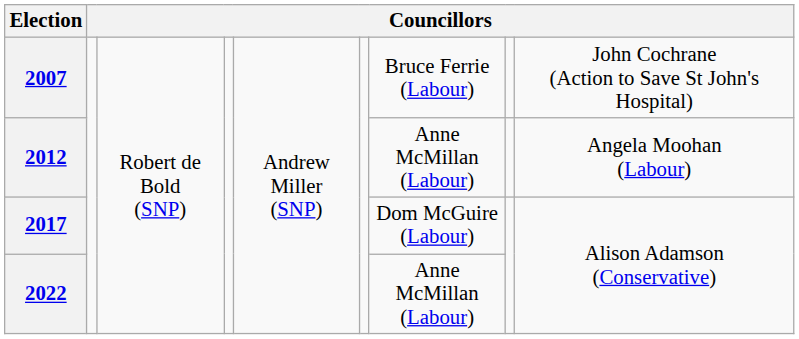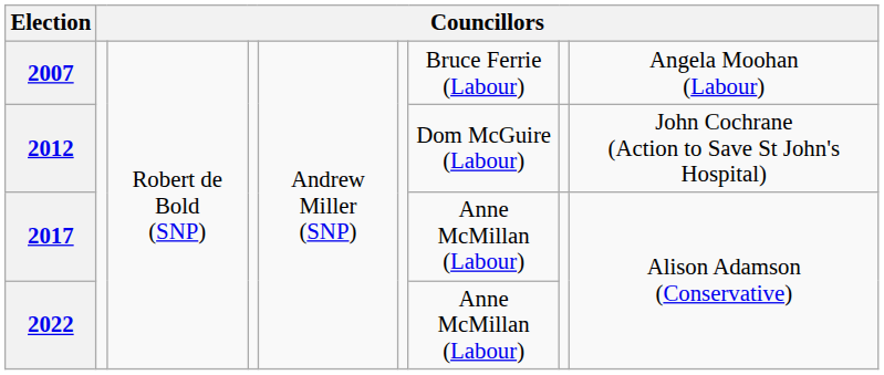 <table class="wikitable" style="text-align:center">
 <tr>
 <th>Election</th>
 <th colspan=8>Councillors</th>
 </tr>
 <tr>
 <th><a href='#'>2007</a></th>
 <td rowspan=4; style="background-color: "></td>
 <td rowspan=4>Robert de Bold<br>(<a href='#'>SNP</a>)</td>
 <td rowspan=4; style="background-color: "></td>
 <td rowspan=4>Andrew Miller<br>(<a href='#'>SNP</a>)</td>
 <td rowspan=4; style="background-color: "></td>
 <td rowspan=1>Bruce Ferrie<br>(<a href='#'>Labour</a>)</td>
 <td rowspan=1; style="background-color: "></td>
+<td rowspan=1>Angela Moohan<br>(<a href='#'>Labour</a>)</td>
+</tr>
+<tr>
+<th><a href='#'>2012</a></th>
+<td rowspan=1>Dom McGuire<br>(<a href='#'>Labour</a>)</td>
+<td rowspan=1; style="background-color: "></td>
 <td rowspan=1>John Cochrane<br>(Action to Save St John's Hospital)</td>
 </tr>
 <tr>
-<th><a href='#'>2012</a></th>
+<th><a href='#'>2017</a></th>
 <td rowspan=1>Anne McMillan<br>(<a href='#'>Labour</a>)</td>
-<td rowspan=1; style="background-color: "></td>
-<td rowspan=1>Angela Moohan<br>(<a href='#'>Labour</a>)</td>
-</tr>
-<tr>
-<th><a href='#'>2017</a></th>
-<td rowspan=1>Dom McGuire<br>(<a href='#'>Labour</a>)</td>
 <td rowspan=2; style="background-color: "></td>
 <td rowspan=2>Alison Adamson<br>(<a href='#'>Conservative</a>)</td>
 </tr>
 <tr>
 <th><a href='#'>2022</a></th>
 <td rowspan=1>Anne McMillan<br>(<a href='#'>Labour</a>)</td>
 </tr>
 </table>
